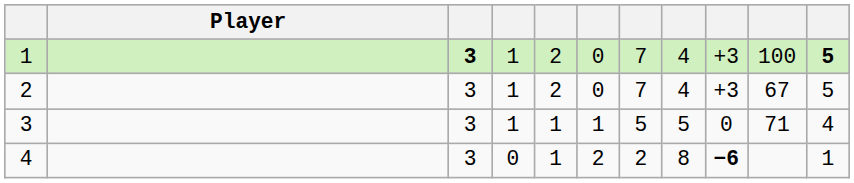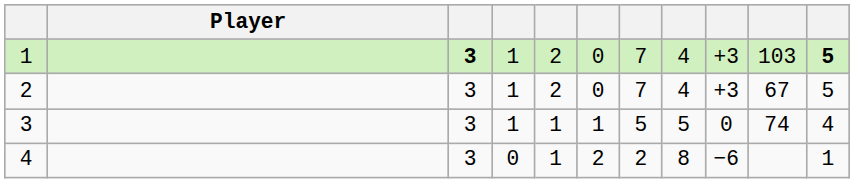 <table class="wikitable" style="text-align:center; margin: 1em auto 1em auto, align:left">
 <tr>
 <th width=20></th>
 <th width=240>Player</th>
 <th width=20></th>
 <th width=20></th>
 <th width=20></th>
 <th width=20></th>
 <th width=20></th>
 <th width=20></th>
 <th width=20></th>
 <th width=30></th>
 <th width=20></th>
 </tr>
 <tr style="background:#D0F0C0;">
 <td>1</td>
 <td align=left></td>
 <td><strong>3</strong></td>
 <td>1</td>
 <td>2</td>
 <td>0</td>
 <td>7</td>
 <td>4</td>
 <td>+3</td>
-<td>100</td>
+<td>103</td>
 <td><strong>5</strong></td>
 </tr>
 <tr style=>
 <td>2</td>
 <td align=left></td>
 <td>3</td>
 <td>1</td>
 <td>2</td>
 <td>0</td>
 <td>7</td>
 <td>4</td>
 <td>+3</td>
 <td>67</td>
 <td>5</td>
 </tr>
 <tr style=>
 <td>3</td>
 <td align=left></td>
 <td>3</td>
 <td>1</td>
 <td>1</td>
 <td>1</td>
 <td>5</td>
 <td>5</td>
 <td>0</td>
-<td>71</td>
+<td>74</td>
 <td>4</td>
 </tr>
 <tr style=>
 <td>4</td>
 <td align=left></td>
 <td>3</td>
 <td>0</td>
 <td>1</td>
 <td>2</td>
 <td>2</td>
 <td>8</td>
-<td><strong>−6</strong></td>
+<td>−6</td>
 <td></td>
 <td>1</td>
 </tr>
 </table>
